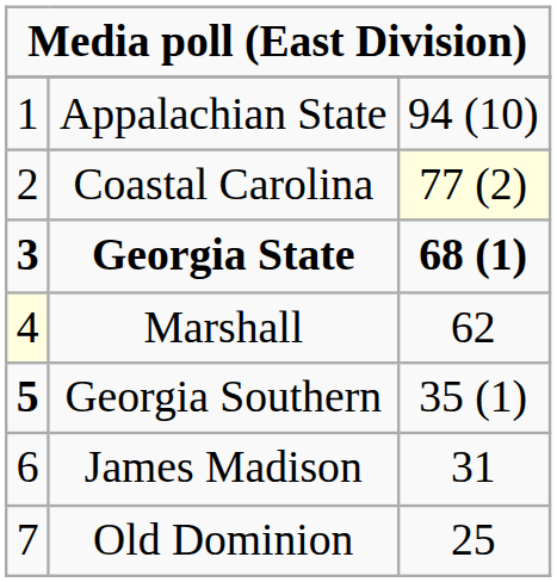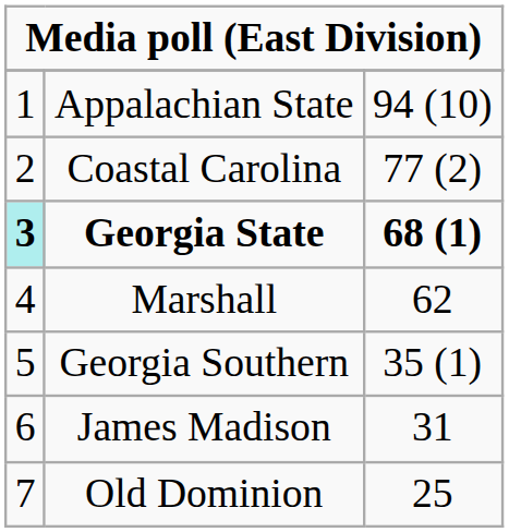 <table class="wikitable" style="display: inline-table;">
 <tr>
 <td align="center" Colspan="3"><strong>Media poll (East Division)</strong></td>
 </tr>
 <tr align="center">
 </tr>
 <tr align="center">
 <td>1</td>
 <td>Appalachian State</td>
 <td>94 (10)</td>
 </tr>
 <tr align="center">
 <td>2</td>
 <td>Coastal Carolina</td>
-<td style="background: lightyellow;">77 (2)</td>
+<td>77 (2)</td>
 </tr>
 <tr align="center">
-<td><strong>3</strong></td>
+<td style="background: paleturquoise;"><strong>3</strong></td>
 <td><strong>Georgia State</strong></td>
 <td><strong>68 (1)</strong></td>
 </tr>
 <tr align="center">
-<td style="background: lightyellow;">4</td>
+<td>4</td>
 <td>Marshall</td>
 <td>62</td>
 </tr>
 <tr align="center">
-<td><strong>5</strong></td>
+<td>5</td>
 <td>Georgia Southern</td>
 <td>35 (1)</td>
 </tr>
 <tr align="center">
 <td>6</td>
 <td>James Madison</td>
 <td>31</td>
 </tr>
 <tr align="center">
 <td>7</td>
 <td>Old Dominion</td>
 <td>25</td>
 </tr>
 </table>
